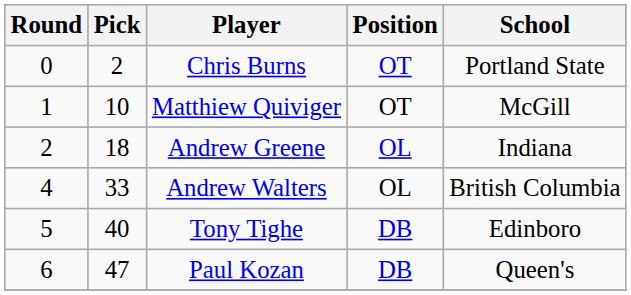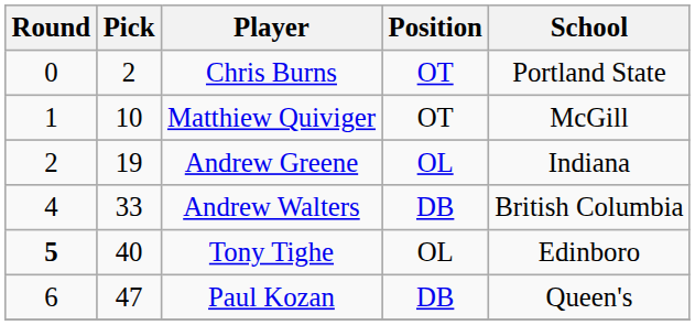 <table class="wikitable" style="font-size: 95%;">
 <tr>
 <th scope="col">Round</th>
 <th scope="col">Pick</th>
 <th scope="col">Player</th>
 <th scope="col">Position</th>
 <th scope="col">School</th>
 </tr>
 <tr align="center">
 <td align=center>0</td>
 <td>2</td>
 <td><a href='#'>Chris Burns</a></td>
 <td><a href='#'>OT</a></td>
 <td>Portland State</td>
 </tr>
 <tr align="center">
 <td align=center>1</td>
 <td>10</td>
 <td><a href='#'>Matthiew Quiviger</a></td>
 <td>OT</td>
 <td>McGill</td>
 </tr>
 <tr align="center">
 <td align=center>2</td>
-<td>18</td>
+<td>19</td>
 <td><a href='#'>Andrew Greene</a></td>
 <td><a href='#'>OL</a></td>
 <td>Indiana</td>
 </tr>
 <tr align="center">
 <td align=center>4</td>
 <td>33</td>
 <td><a href='#'>Andrew Walters</a></td>
-<td>OL</td>
+<td><a href='#'>DB</a></td>
 <td>British Columbia</td>
 </tr>
 <tr align="center">
-<td align=center>5</td>
+<td align=center><strong>5</strong></td>
 <td>40</td>
 <td><a href='#'>Tony Tighe</a></td>
-<td><a href='#'>DB</a></td>
+<td>OL</td>
 <td>Edinboro</td>
 </tr>
 <tr align="center">
 <td align=center>6</td>
 <td>47</td>
 <td><a href='#'>Paul Kozan</a></td>
 <td><a href='#'>DB</a></td>
 <td>Queen's</td>
 </tr>
 <tr>
 </tr>
 </table>
